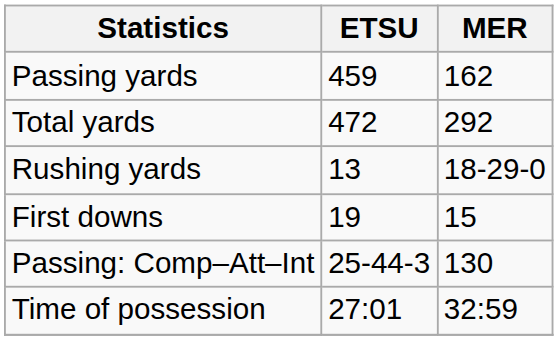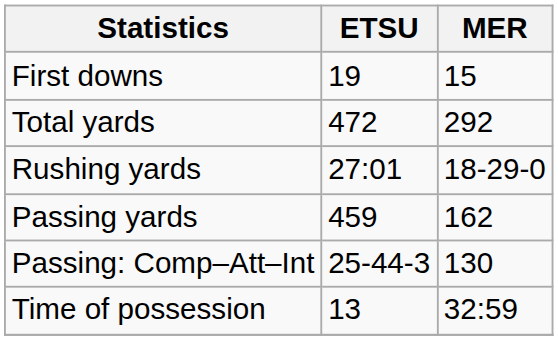 <table class="wikitable" style="float: left;">
 <tr>
 <th>Statistics</th>
 <th>ETSU</th>
 <th>MER</th>
 </tr>
 <tr>
-<td>Passing yards</td>
-<td>459</td>
-<td>162</td>
+<td>First downs</td>
+<td>19</td>
+<td>15</td>
 </tr>
 <tr>
 <td>Total yards</td>
 <td>472</td>
 <td>292</td>
 </tr>
 <tr>
 <td>Rushing yards</td>
-<td>13</td>
+<td>27:01</td>
 <td>18-29-0</td>
 </tr>
 <tr>
-<td>First downs</td>
-<td>19</td>
-<td>15</td>
+<td>Passing yards</td>
+<td>459</td>
+<td>162</td>
 </tr>
 <tr>
 <td>Passing: Comp–Att–Int</td>
 <td>25-44-3</td>
 <td>130</td>
 </tr>
 <tr>
 <td>Time of possession</td>
-<td>27:01</td>
+<td>13</td>
 <td>32:59</td>
 </tr>
 <tr>
 </tr>
 </table>
